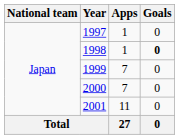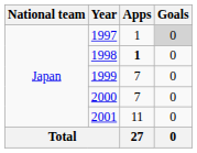 <table class="wikitable" style="text-align:center">
 <tr>
 <th>National team</th>
 <th>Year</th>
 <th>Apps</th>
 <th>Goals</th>
 </tr>
 <tr>
 <td rowspan="5"><a href='#'>Japan</a></td>
 <td><a href='#'>1997</a></td>
 <td>1</td>
-<td>0</td>
+<td style="background: lightgrey;">0</td>
 </tr>
 <tr>
 <td><a href='#'>1998</a></td>
-<td>1</td>
-<td><strong>0</strong></td>
+<td><strong>1</strong></td>
+<td>0</td>
 </tr>
 <tr>
 <td><a href='#'>1999</a></td>
 <td>7</td>
 <td>0</td>
 </tr>
 <tr>
 <td><a href='#'>2000</a></td>
 <td>7</td>
 <td>0</td>
 </tr>
 <tr>
 <td><a href='#'>2001</a></td>
 <td>11</td>
 <td>0</td>
 </tr>
 <tr>
 <th colspan="2">Total</th>
 <th>27</th>
 <th>0</th>
 </tr>
 </table>
